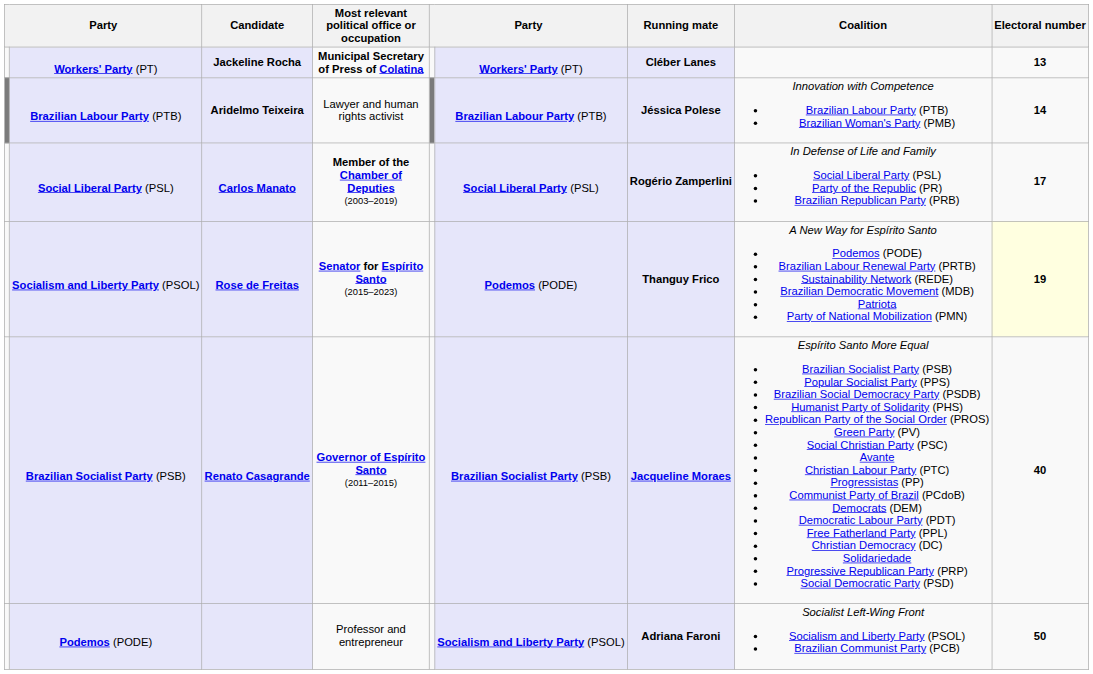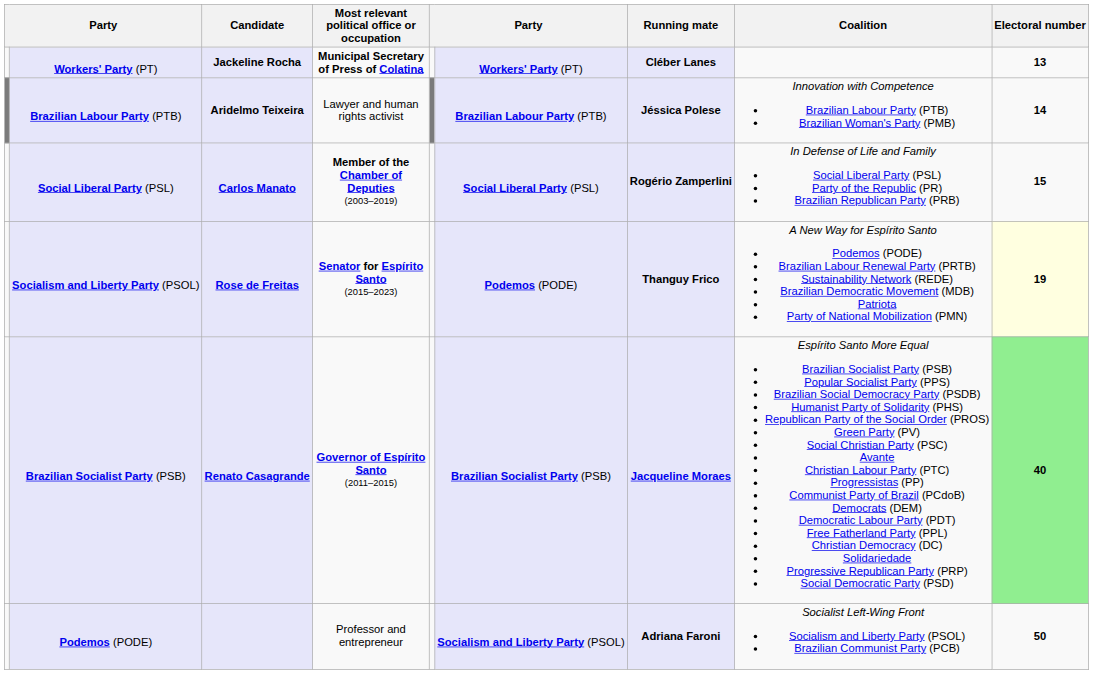 <table class="wikitable" style="text-align:center">
 <tr>
 <th colspan="2">Party</th>
 <th>Candidate</th>
 <th style="max-width:10em">Most relevant political office or occupation</th>
 <th colspan="2">Party</th>
 <th>Running mate</th>
 <th>Coalition</th>
 <th>Electoral number</th>
 </tr>
 <tr>
 <td style="background:"></td>
 <td style="background:lavender;" max-width:150px><br><strong><a href='#'>Workers' Party</a></strong> (PT)</td>
 <td style="background:lavender;" max-width:150px><strong>Jackeline Rocha</strong></td>
 <td style="max-width:10em"><strong>Municipal Secretary of Press of <a href='#'>Colatina</a></strong></td>
 <td style="background:"></td>
 <td style="background:lavender;" max-width:150px><br><strong><a href='#'>Workers' Party</a></strong> (PT)</td>
 <td style="background:lavender;" max-width:150px><strong>Cléber Lanes</strong></td>
 <td></td>
 <td><strong>13</strong></td>
 </tr>
 <tr>
 <td style="background:#7B7B7B"></td>
 <td style="background:lavender;" max-width:150px><br><strong><a href='#'>Brazilian Labour Party</a></strong> (PTB)</td>
 <td style="background:lavender;" max-width:150px><strong>Aridelmo Teixeira</strong></td>
 <td style="max-width:10em">Lawyer and human rights activist</td>
 <td style="background:#7B7B7B"></td>
 <td style="background:lavender;" max-width:150px><br><strong><a href='#'>Brazilian Labour Party</a></strong> (PTB)</td>
 <td style="background:lavender;" max-width:150px><strong>Jéssica Polese</strong></td>
 <td><em>Innovation with Competence</em><br><ul><li><a href='#'>Brazilian Labour Party</a> (PTB)</li><li><a href='#'>Brazilian Woman's Party</a> (PMB)</li></ul></td>
 <td><strong>14</strong></td>
 </tr>
 <tr>
 <td style="background:"></td>
 <td style="background:lavender;" max-width:150px><br><strong><a href='#'>Social Liberal Party</a></strong> (PSL)</td>
 <td style="background:lavender;" max-width:150px><br><strong><a href='#'>Carlos Manato</a></strong></td>
 <td style="max-width:10em"><strong>Member of the <a href='#'>Chamber of Deputies</a></strong><br><small>(2003–2019)</small></td>
 <td style="background:"></td>
 <td style="background:lavender;" max-width:150px><br><strong><a href='#'>Social Liberal Party</a></strong> (PSL)</td>
 <td style="background:lavender;" max-width:150px><strong>Rogério Zamperlini</strong></td>
 <td><em>In Defense of Life and Family</em><br><ul><li><a href='#'>Social Liberal Party</a> (PSL)</li><li><a href='#'>Party of the Republic</a> (PR)</li><li><a href='#'>Brazilian Republican Party</a> (PRB)</li></ul></td>
-<td><strong>17</strong></td>
+<td><strong>15</strong></td>
 </tr>
 <tr>
 <td style="background:"></td>
 <td style="background:lavender;" max-width:150px><br><strong><a href='#'>Socialism and Liberty Party</a></strong> (PSOL)</td>
 <td style="background:lavender;" max-width:150px><br><strong><a href='#'>Rose de Freitas</a></strong></td>
 <td style="max-width:10em"><strong><a href='#'>Senator</a> for <a href='#'>Espírito Santo</a></strong><br><small>(2015–2023)</small></td>
 <td style="background:"></td>
 <td style="background:lavender;" max-width:150px><br><strong><a href='#'>Podemos</a></strong> (PODE)</td>
 <td style="background:lavender;" max-width:150px><strong>Thanguy Frico</strong></td>
 <td><em>A New Way for Espírito Santo</em><br><ul><li><a href='#'>Podemos</a> (PODE)</li><li><a href='#'>Brazilian Labour Renewal Party</a> (PRTB)</li><li><a href='#'>Sustainability Network</a> (REDE)</li><li><a href='#'>Brazilian Democratic Movement</a> (MDB)</li><li><a href='#'>Patriota</a></li><li><a href='#'>Party of National Mobilization</a> (PMN)</li></ul></td>
 <td style="background: lightyellow;"><strong>19</strong></td>
 </tr>
 <tr>
 <td style="background:"></td>
 <td style="background:lavender;" max-width:150px><br><strong><a href='#'>Brazilian Socialist Party</a></strong> (PSB)</td>
 <td style="background:lavender;" max-width:150px><br><strong><a href='#'>Renato Casagrande</a></strong></td>
 <td style="max-width:10em"><strong><a href='#'>Governor of Espírito Santo</a></strong><br><small>(2011–2015)</small></td>
 <td style="background:"></td>
 <td style="background:lavender;" max-width:150px><br><strong><a href='#'>Brazilian Socialist Party</a></strong> (PSB)</td>
 <td style="background:lavender;" max-width:150px><br><strong><a href='#'>Jacqueline Moraes</a></strong></td>
 <td><em>Espírito Santo More Equal</em><br><ul><li><a href='#'>Brazilian Socialist Party</a> (PSB)</li><li><a href='#'>Popular Socialist Party</a> (PPS)</li><li><a href='#'>Brazilian Social Democracy Party</a> (PSDB)</li><li><a href='#'>Humanist Party of Solidarity</a> (PHS)</li><li><a href='#'>Republican Party of the Social Order</a> (PROS)</li><li><a href='#'>Green Party</a> (PV)</li><li><a href='#'>Social Christian Party</a> (PSC)</li><li><a href='#'>Avante</a></li><li><a href='#'>Christian Labour Party</a> (PTC)</li><li><a href='#'>Progressistas</a> (PP)</li><li><a href='#'>Communist Party of Brazil</a> (PCdoB)</li><li><a href='#'>Democrats</a> (DEM)</li><li><a href='#'>Democratic Labour Party</a> (PDT)</li><li><a href='#'>Free Fatherland Party</a> (PPL)</li><li><a href='#'>Christian Democracy</a> (DC)</li><li><a href='#'>Solidariedade</a></li><li><a href='#'>Progressive Republican Party</a> (PRP)</li><li><a href='#'>Social Democratic Party</a> (PSD)</li></ul></td>
-<td><strong>40</strong></td>
+<td style="background: lightgreen;"><strong>40</strong></td>
 </tr>
 <tr>
 <td style="background:"></td>
 <td style="background:lavender;" max-width:150px><br><strong><a href='#'>Podemos</a></strong> (PODE)</td>
 <td style="background:lavender;" max-width:150px></td>
 <td style="max-width:10em">Professor and entrepreneur</td>
 <td style="background:"></td>
 <td style="background:lavender;" max-width:150px><br><strong><a href='#'>Socialism and Liberty Party</a></strong> (PSOL)</td>
 <td style="background:lavender;" max-width:150px><strong>Adriana Faroni</strong></td>
 <td><em>Socialist Left-Wing Front</em><br><ul><li><a href='#'>Socialism and Liberty Party</a> (PSOL)</li><li><a href='#'>Brazilian Communist Party</a> (PCB)</li></ul></td>
 <td><strong>50</strong></td>
 </tr>
 </table>
